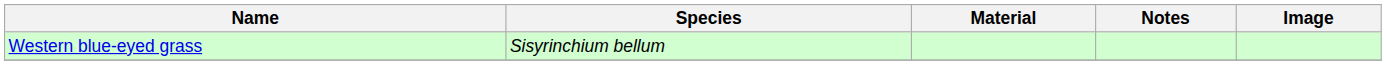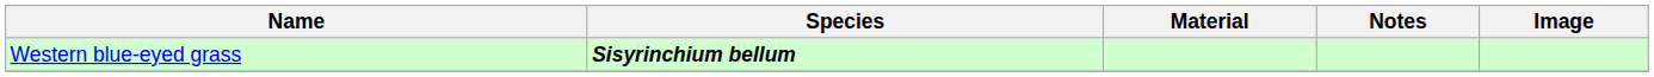 <table class="wikitable" align="center" width="100%" style="background:#D1FFCF;">
 <tr>
 <th>Name</th>
 <th>Species</th>
 <th>Material</th>
 <th>Notes</th>
 <th>Image</th>
 </tr>
 <tr>
 <td><a href='#'>Western blue-eyed grass</a></td>
-<td><em>Sisyrinchium bellum</em></td>
+<td><strong><em>Sisyrinchium bellum</em></strong></td>
 <td></td>
 <td></td>
 <td></td>
 </tr>
 <tr>
 </tr>
 </table>
